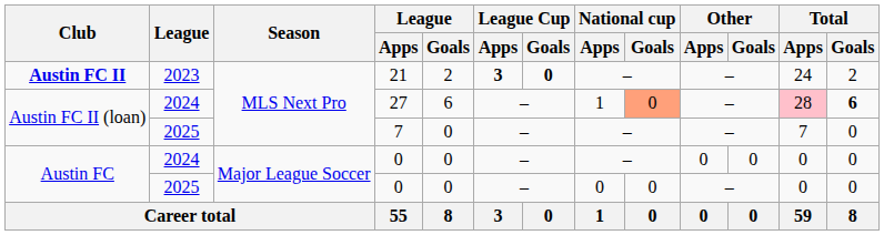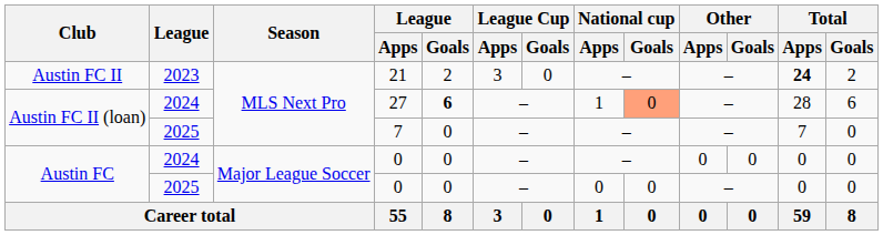 <table class="wikitable" style="text-align:center">
 <tr>
 <th rowspan="2">Club</th>
 <th rowspan="2">League</th>
 <th rowspan="2">Season</th>
 <th colspan="2">League</th>
 <th colspan="2">League Cup</th>
 <th colspan="2">National cup</th>
 <th colspan="2">Other</th>
 <th colspan="2">Total</th>
 </tr>
 <tr>
 <th>Apps</th>
 <th>Goals</th>
 <th>Apps</th>
 <th>Goals</th>
 <th>Apps</th>
 <th>Goals</th>
 <th>Apps</th>
 <th>Goals</th>
 <th>Apps</th>
 <th>Goals</th>
 </tr>
 <tr>
-<td><strong><a href='#'>Austin FC II</a></strong></td>
+<td><a href='#'>Austin FC II</a></td>
 <td><a href='#'>2023</a></td>
 <td rowspan=3><a href='#'>MLS Next Pro</a></td>
 <td>21</td>
 <td>2</td>
-<td><strong>3</strong></td>
-<td><strong>0</strong></td>
+<td>3</td>
+<td>0</td>
 <td colspan="2">–</td>
 <td colspan="2">–</td>
-<td>24</td>
+<td><strong>24</strong></td>
 <td>2</td>
 </tr>
 <tr>
 <td rowspan=2><a href='#'>Austin FC II</a> (loan)</td>
 <td><a href='#'>2024</a></td>
 <td>27</td>
-<td>6</td>
+<td><strong>6</strong></td>
 <td colspan="2">–</td>
 <td>1</td>
 <td style="background: lightsalmon;">0</td>
 <td colspan="2">–</td>
-<td style="background: pink;">28</td>
-<td><strong>6</strong></td>
+<td>28</td>
+<td>6</td>
 </tr>
 <tr>
 <td><a href='#'>2025</a></td>
 <td>7</td>
 <td>0</td>
 <td colspan="2">–</td>
 <td colspan="2">–</td>
 <td colspan="2">–</td>
 <td>7</td>
 <td>0</td>
 </tr>
 <tr>
 <td rowspan=2><a href='#'>Austin FC</a></td>
 <td><a href='#'>2024</a></td>
 <td rowspan=2><a href='#'>Major League Soccer</a></td>
 <td>0</td>
 <td>0</td>
 <td colspan="2">–</td>
 <td colspan="2">–</td>
 <td>0</td>
 <td>0</td>
 <td>0</td>
 <td>0</td>
 </tr>
 <tr>
 <td><a href='#'>2025</a></td>
 <td>0</td>
 <td>0</td>
 <td colspan="2">–</td>
 <td>0</td>
 <td>0</td>
 <td colspan="2">–</td>
 <td>0</td>
 <td>0</td>
 </tr>
 <tr>
 <th colspan="3">Career total</th>
 <th>55</th>
 <th>8</th>
 <th>3</th>
 <th>0</th>
 <th>1</th>
 <th>0</th>
 <th>0</th>
 <th>0</th>
 <th>59</th>
 <th>8</th>
 </tr>
 </table>
